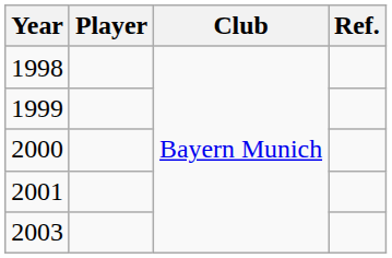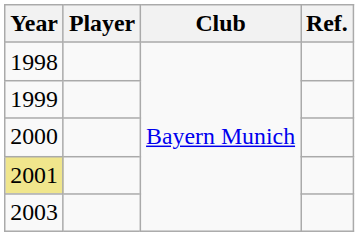 <table class="wikitable sortable">
 <tr>
 <th>Year</th>
 <th>Player</th>
 <th>Club</th>
 <th class="unsortable">Ref.</th>
 </tr>
 <tr>
 <td align="center">1998</td>
 <td> </td>
 <td rowspan=5><a href='#'>Bayern Munich</a></td>
 <td></td>
 </tr>
 <tr>
 <td align="center">1999</td>
 <td> </td>
 <td></td>
 </tr>
 <tr>
 <td align="center">2000</td>
 <td> </td>
 <td align="center"></td>
 </tr>
 <tr>
-<td align="center">2001</td>
+<td align="center" style="background: khaki;">2001</td>
 <td> </td>
 <td align="center"></td>
 </tr>
 <tr>
 <td align="center">2003</td>
 <td> </td>
 <td align="center"></td>
 </tr>
 </table>
